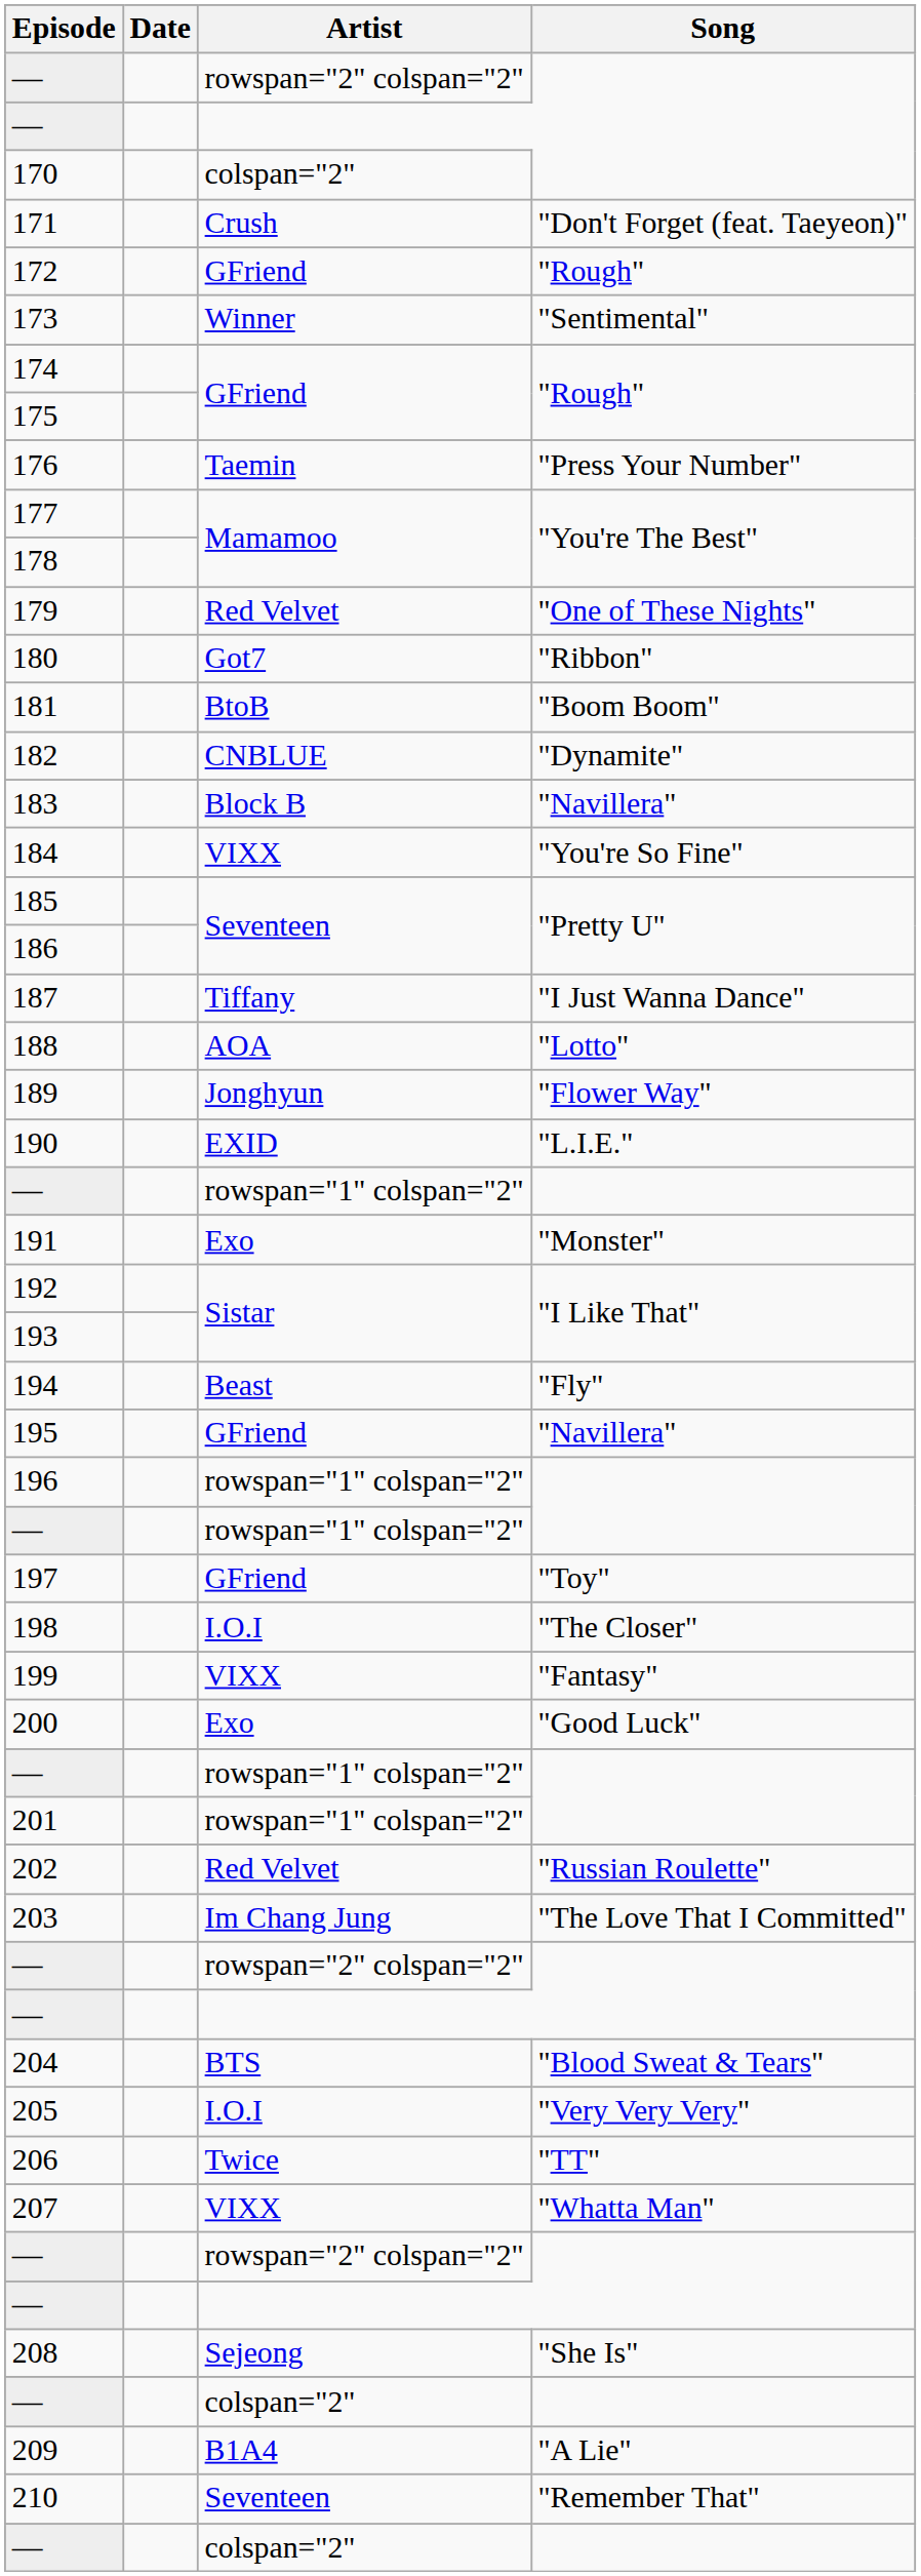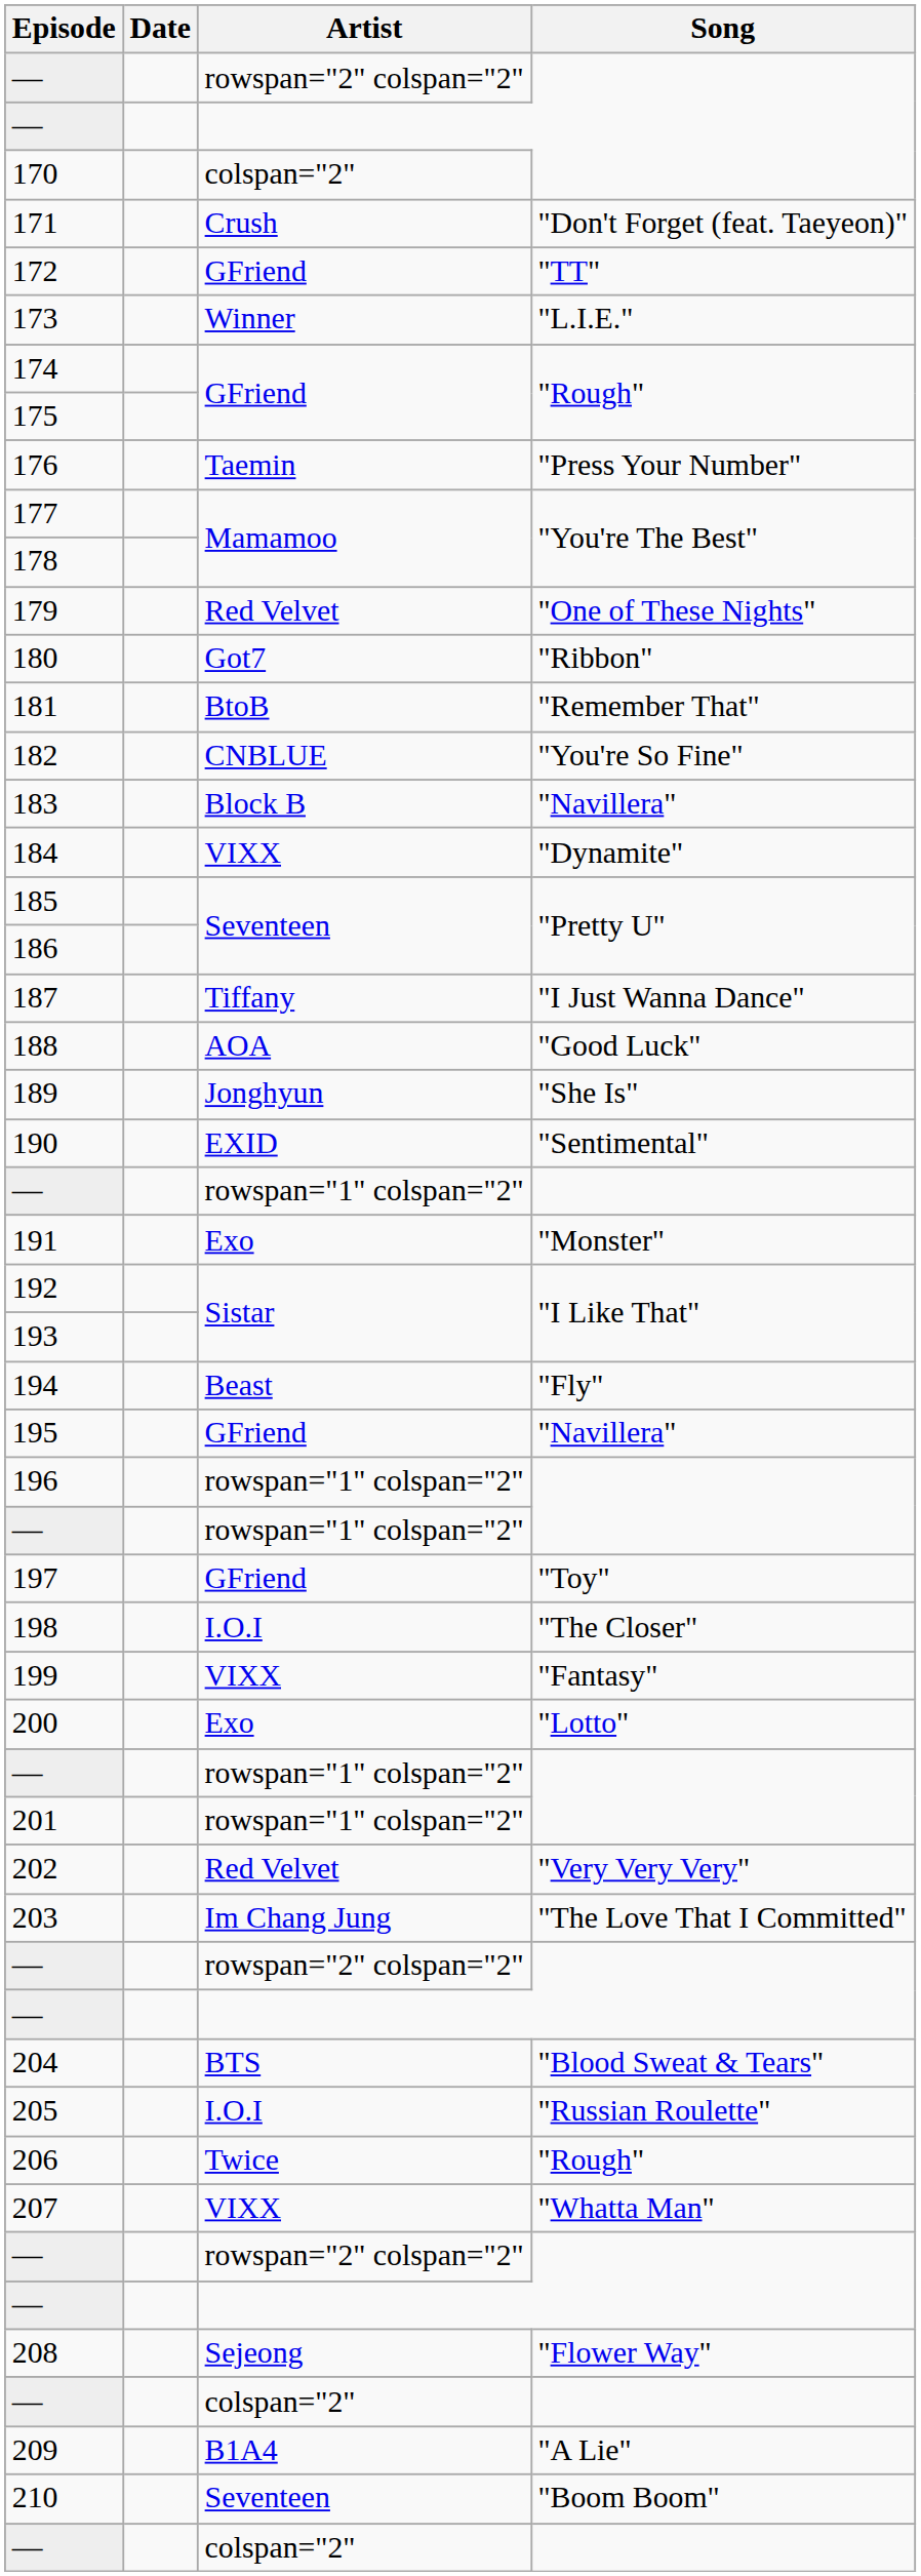 <table class="sortable wikitable">
 <tr>
 <th>Episode</th>
 <th>Date</th>
 <th>Artist</th>
 <th>Song</th>
 </tr>
 <tr>
 <td style="background:#eee;">—</td>
 <td></td>
 <td>rowspan="2" colspan="2" </td>
 </tr>
 <tr>
 <td style="background:#eee;">—</td>
 <td></td>
 </tr>
 <tr>
 <td>170</td>
 <td></td>
 <td>colspan="2" </td>
 </tr>
 <tr>
 <td>171</td>
 <td></td>
 <td><a href='#'>Crush</a></td>
 <td>"Don't Forget (feat. Taeyeon)"</td>
 </tr>
 <tr>
 <td>172</td>
 <td></td>
 <td><a href='#'>GFriend</a></td>
-<td>"<a href='#'>Rough</a>"</td>
+<td>"<a href='#'>TT</a>"</td>
 </tr>
 <tr>
 <td>173</td>
 <td></td>
 <td><a href='#'>Winner</a></td>
-<td>"Sentimental"</td>
+<td>"L.I.E."</td>
 </tr>
 <tr>
 <td>174</td>
 <td></td>
 <td rowspan="2"><a href='#'>GFriend</a></td>
 <td rowspan="2">"<a href='#'>Rough</a>"</td>
 </tr>
 <tr>
 <td>175</td>
 <td></td>
 </tr>
 <tr>
 <td>176</td>
 <td></td>
 <td><a href='#'>Taemin</a></td>
 <td>"Press Your Number"</td>
 </tr>
 <tr>
 <td>177</td>
 <td></td>
 <td rowspan="2"><a href='#'>Mamamoo</a></td>
 <td rowspan="2">"You're The Best"</td>
 </tr>
 <tr>
 <td>178</td>
 <td></td>
 </tr>
 <tr>
 <td>179</td>
 <td></td>
 <td><a href='#'>Red Velvet</a></td>
 <td>"<a href='#'>One of These Nights</a>"</td>
 </tr>
 <tr>
 <td>180</td>
 <td></td>
 <td><a href='#'>Got7</a></td>
 <td>"Ribbon"</td>
 </tr>
 <tr>
 <td>181</td>
 <td></td>
 <td><a href='#'>BtoB</a></td>
-<td>"Boom Boom"</td>
+<td>"Remember That"</td>
 </tr>
 <tr>
 <td>182</td>
 <td></td>
 <td><a href='#'>CNBLUE</a></td>
-<td>"Dynamite"</td>
+<td>"You're So Fine"</td>
 </tr>
 <tr>
 <td>183</td>
 <td></td>
 <td><a href='#'>Block B</a></td>
 <td>"<a href='#'>Navillera</a>"</td>
 </tr>
 <tr>
 <td>184</td>
 <td></td>
 <td><a href='#'>VIXX</a></td>
-<td>"You're So Fine"</td>
+<td>"Dynamite"</td>
 </tr>
 <tr>
 <td>185</td>
 <td></td>
 <td rowspan="2"><a href='#'>Seventeen</a></td>
 <td rowspan="2">"Pretty U"</td>
 </tr>
 <tr>
 <td>186</td>
 <td></td>
 </tr>
 <tr>
 <td>187</td>
 <td></td>
 <td><a href='#'>Tiffany</a></td>
 <td>"I Just Wanna Dance"</td>
 </tr>
 <tr>
 <td>188</td>
 <td></td>
 <td><a href='#'>AOA</a></td>
-<td>"<a href='#'>Lotto</a>"</td>
+<td>"Good Luck"</td>
 </tr>
 <tr>
 <td>189</td>
 <td></td>
 <td><a href='#'>Jonghyun</a></td>
-<td>"<a href='#'>Flower Way</a>"</td>
+<td>"She Is"</td>
 </tr>
 <tr>
 <td>190</td>
 <td></td>
 <td><a href='#'>EXID</a></td>
-<td>"L.I.E."</td>
+<td>"Sentimental"</td>
 </tr>
 <tr>
 <td style="background:#eee;">—</td>
 <td></td>
 <td>rowspan="1" colspan="2" </td>
 </tr>
 <tr>
 <td>191</td>
 <td></td>
 <td><a href='#'>Exo</a></td>
 <td>"Monster"</td>
 </tr>
 <tr>
 <td>192</td>
 <td></td>
 <td rowspan="2"><a href='#'>Sistar</a></td>
 <td rowspan="2">"I Like That"</td>
 </tr>
 <tr>
 <td>193</td>
 <td></td>
 </tr>
 <tr>
 <td>194</td>
 <td></td>
 <td><a href='#'>Beast</a></td>
 <td>"Fly"</td>
 </tr>
 <tr>
 <td>195</td>
 <td></td>
 <td><a href='#'>GFriend</a></td>
 <td>"<a href='#'>Navillera</a>"</td>
 </tr>
 <tr>
 <td rowspan="1">196</td>
 <td></td>
 <td>rowspan="1" colspan="2" </td>
 </tr>
 <tr>
 <td style="background:#eee;">—</td>
 <td></td>
 <td>rowspan="1" colspan="2" </td>
 </tr>
 <tr>
 <td>197</td>
 <td></td>
 <td><a href='#'>GFriend</a></td>
 <td>"Toy"</td>
 </tr>
 <tr>
 <td>198</td>
 <td></td>
 <td><a href='#'>I.O.I</a></td>
 <td>"The Closer"</td>
 </tr>
 <tr>
 <td>199</td>
 <td></td>
 <td><a href='#'>VIXX</a></td>
 <td>"Fantasy"</td>
 </tr>
 <tr>
 <td>200</td>
 <td></td>
 <td><a href='#'>Exo</a></td>
-<td>"Good Luck"</td>
+<td>"<a href='#'>Lotto</a>"</td>
 </tr>
 <tr>
 <td style="background:#eee;">—</td>
 <td></td>
 <td>rowspan="1" colspan="2" </td>
 </tr>
 <tr>
 <td>201</td>
 <td></td>
 <td>rowspan="1" colspan="2" </td>
 </tr>
 <tr>
 <td>202</td>
 <td></td>
 <td><a href='#'>Red Velvet</a></td>
-<td>"<a href='#'>Russian Roulette</a>"</td>
+<td>"<a href='#'>Very Very Very</a>"</td>
 </tr>
 <tr>
 <td>203</td>
 <td></td>
 <td><a href='#'>Im Chang Jung</a></td>
 <td>"The Love That I Committed"</td>
 </tr>
 <tr>
 <td style="background:#eee;">—</td>
 <td></td>
 <td>rowspan="2" colspan="2" </td>
 </tr>
 <tr>
 <td style="background:#eee;">—</td>
 <td></td>
 </tr>
 <tr>
 <td>204</td>
 <td></td>
 <td><a href='#'>BTS</a></td>
 <td>"<a href='#'>Blood Sweat & Tears</a>"</td>
 </tr>
 <tr>
 <td>205</td>
 <td></td>
 <td><a href='#'>I.O.I</a></td>
-<td>"<a href='#'>Very Very Very</a>"</td>
+<td>"<a href='#'>Russian Roulette</a>"</td>
 </tr>
 <tr>
 <td>206</td>
 <td></td>
 <td><a href='#'>Twice</a></td>
-<td>"<a href='#'>TT</a>"</td>
+<td>"<a href='#'>Rough</a>"</td>
 </tr>
 <tr>
 <td>207</td>
 <td></td>
 <td><a href='#'>VIXX</a> </td>
 <td>"<a href='#'>Whatta Man</a>"</td>
 </tr>
 <tr>
 <td style="background:#eee;">—</td>
 <td></td>
 <td>rowspan="2" colspan="2" </td>
 </tr>
 <tr>
 <td style="background:#eee;">—</td>
 <td></td>
 </tr>
 <tr>
 <td>208</td>
 <td></td>
 <td><a href='#'>Sejeong</a></td>
-<td>"She Is"</td>
+<td>"<a href='#'>Flower Way</a>"</td>
 </tr>
 <tr>
 <td style="background:#eee;">—</td>
 <td></td>
 <td>colspan="2" </td>
 </tr>
 <tr>
 <td>209</td>
 <td></td>
 <td><a href='#'>B1A4</a></td>
 <td>"A Lie"</td>
 </tr>
 <tr>
 <td>210</td>
 <td></td>
 <td><a href='#'>Seventeen</a></td>
-<td>"Remember That"</td>
+<td>"Boom Boom"</td>
 </tr>
 <tr>
 <td style="background:#eee;">—</td>
 <td></td>
 <td>colspan="2" </td>
 </tr>
 <tr>
 </tr>
 </table>
